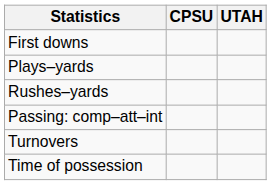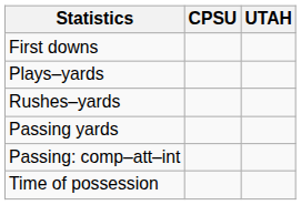 <table class="wikitable" style="float:left">
 <tr>
 <th>Statistics</th>
 <th>CPSU</th>
 <th>UTAH</th>
 </tr>
 <tr>
 <td>First downs</td>
 <td></td>
 <td></td>
 </tr>
 <tr>
 <td>Plays–yards</td>
 <td></td>
 <td></td>
 </tr>
 <tr>
 <td>Rushes–yards</td>
 <td></td>
 <td></td>
 </tr>
 <tr>
-<td>Passing: comp–att–int</td>
+<td>Passing yards</td>
 <td></td>
 <td></td>
 </tr>
 <tr>
-<td>Turnovers</td>
+<td>Passing: comp–att–int</td>
 <td></td>
 <td></td>
 </tr>
 <tr>
 <td>Time of possession</td>
 <td></td>
 <td></td>
 </tr>
 </table>
